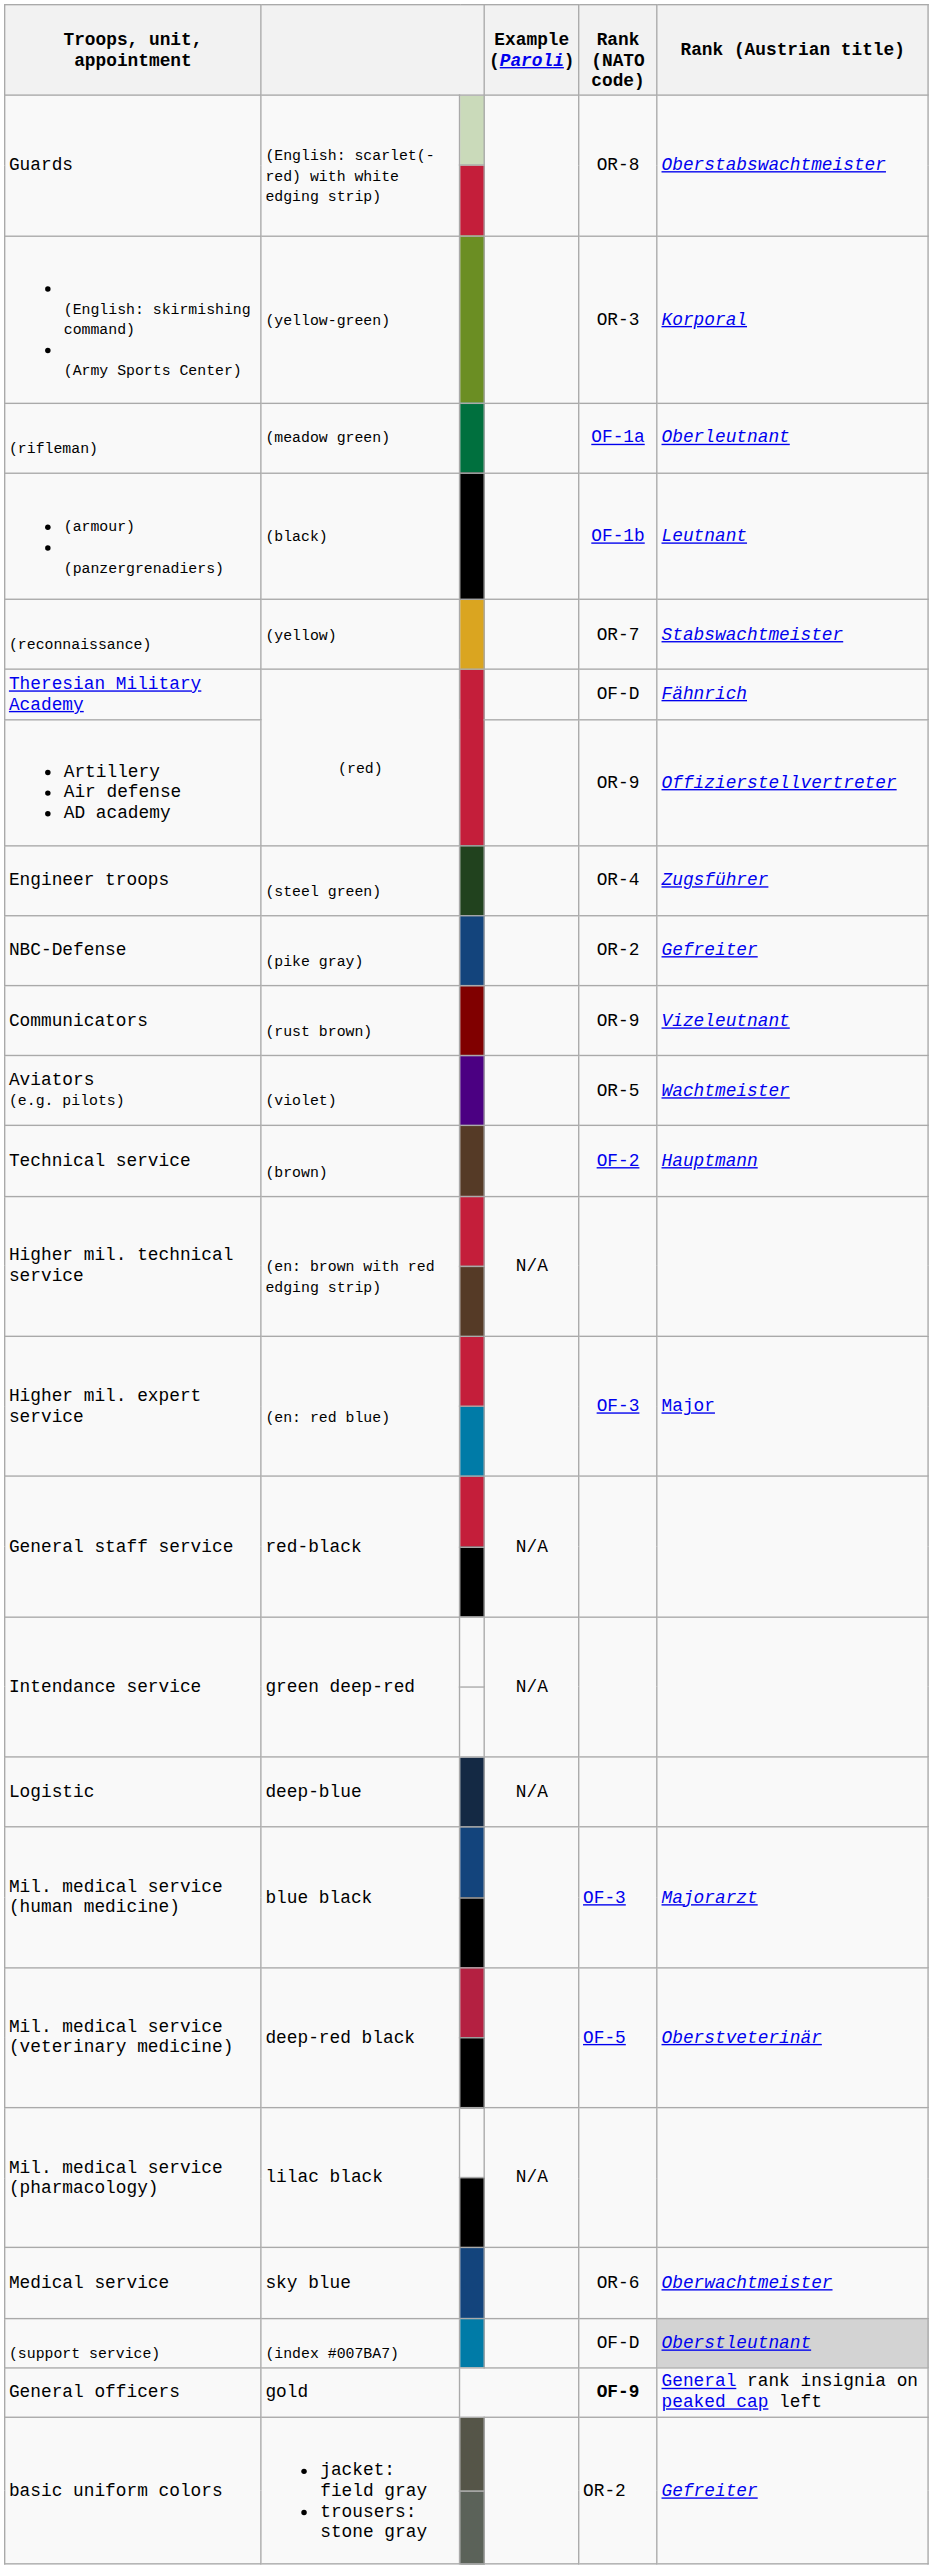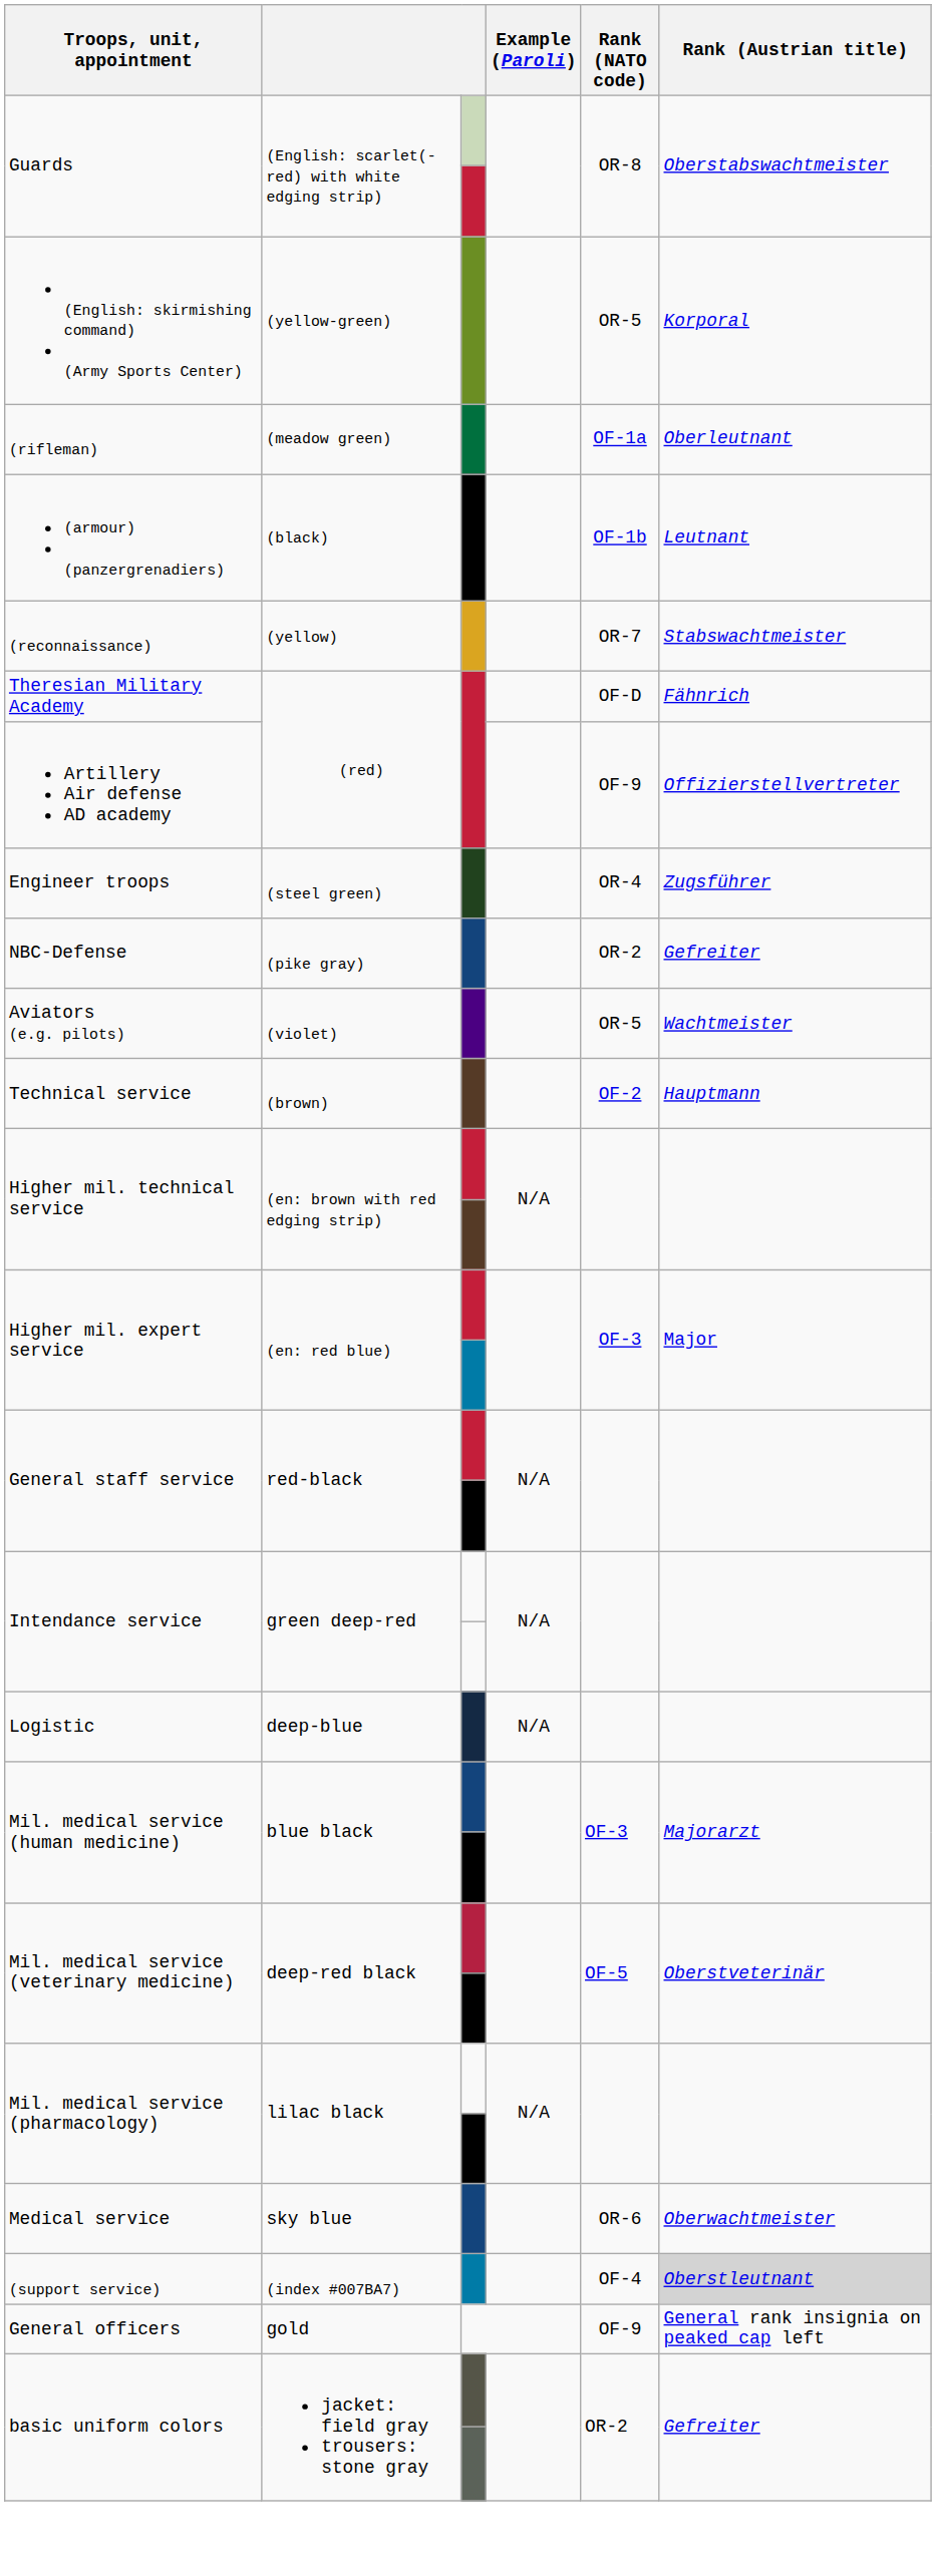 <table class="wikitable" style = "width:675px;">
 <tr>
 <th>Troops, unit, appointment</th>
 <th colspan="2"></th>
 <th>Example<br>(<a href='#'><em>Paroli</em></a>)</th>
 <th><br>Rank (NATO code)</th>
 <th>Rank (Austrian title)</th>
 </tr>
 <tr 1 Garde: scharlachrot mit weißem Vorstoß>
 <td rowspan="2">Guards</td>
 <td rowspan="2"><br><small>(English: scarlet(-red) with white edging strip)</small></td>
 <td style="background:#CADABA">     </td>
 <td align="center" rowspan="2"></td>
 <td align="center" rowspan="2">OR-8</td>
 <td rowspan="2"><em><a href='#'>Oberstabswachtmeister</a></em></td>
 </tr>
 <tr 2>
 <td align="center" style="background:#C41E3A">     </td>
 </tr>
 <tr 2 Heeressportzentrum: gelbgrün, lichtgrün oder schlammgrün>
 <td rowspan="1"><br><ul><li><br><small>(English: skirmishing command)</small></li><li><br><small>(Army Sports Center)</small></li></ul></td>
 <td> <small>(yellow-green)</small></td>
 <td style="background:#6B8E23">     </td>
 <td align="center"></td>
-<td align="center">OR-3</td>
+<td align="center">OR-5</td>
 <td><em><a href='#'>Korporal</a></em></td>
 </tr>
 <tr 3 Jäger: grasgrün>
 <td><br><small>(rifleman)</small></td>
 <td> <small>(meadow green)</small></td>
 <td style="background:#00703E">     </td>
 <td align="center"></td>
 <td align="center"><a href='#'>OF-1a</a></td>
 <td><em><a href='#'>Oberleutnant</a></em></td>
 </tr>
 <tr 4 Panzer/-grenadier: schwarz>
 <td><br><ul><li> <small>(armour)</small></li><li><br><small>(panzergrenadiers)</small></li></ul></td>
 <td> <small>(black)</small></td>
 <td style="background:black">     </td>
 <td align="center"></td>
 <td align="center"><a href='#'>OF-1b</a></td>
 <td><em><a href='#'>Leutnant</a></em></td>
 </tr>
 <tr 5 Aufklärer: gelb>
 <td><br><small>(reconnaissance)</small></td>
 <td> <small>(yellow)</small></td>
 <td style="background:#DAA520">     </td>
 <td align="center"></td>
 <td align="center">OR-7</td>
 <td><em><a href='#'>Stabswachtmeister</a></em></td>
 </tr>
 <tr 6 Theresianische Militärakademie>
 <td><a href='#'>Theresian Military Academy</a></td>
 <td rowspan="2" align="center"><br><small>(red)</small></td>
 <td rowspan="2" align="center" style="background:#C41E3A">     </td>
 <td align="center"></td>
 <td align="center">OF-D</td>
 <td><em><a href='#'>Fähnrich</a></em></td>
 </tr>
 <tr 6 Artillerie, Fliegerabwehr, LVAk: rot>
 <td><br><ul><li>Artillery</li><li>Air defense</li><li>AD academy</li></ul></td>
 <td align="center"></td>
-<td align="center">OR-9</td>
+<td align="center">OF-9</td>
 <td><em><a href='#'>Offizierstellvertreter</a></em></td>
 </tr>
 <tr 7 Pioniere: stahlgrün>
 <td>Engineer troops</td>
 <td><br><small>(steel green)</small></td>
 <td style="background:#21421E">     </td>
 <td align="center"></td>
 <td align="center">OR-4</td>
 <td><em><a href='#'>Zugsführer</a></em></td>
 </tr>
 <tr 8 ABC-Abwehrtruppe: hechtgrau>
 <td>NBC-Defense</td>
 <td><br><small>(pike gray)</small></td>
 <td style="background:#13447C">     </td>
 <td align="center"></td>
 <td align="center">OR-2</td>
 <td><em><a href='#'>Gefreiter</a></em></td>
-</tr>
-<tr 9 Fernmelder: rostbraun>
-<td>Communicators</td>
-<td><br><small>(rust brown)</small></td>
-<td style="background:#800000">     </td>
-<td align="center"></td>
-<td align="center">OR-9</td>
-<td><em><a href='#'>Vizeleutnant</a></em></td>
 </tr>
 <tr 10 Flieger: violett>
 <td>Aviators<br><small>(e.g. pilots)</small></td>
 <td><br><small>(violet)</small></td>
 <td style="background:#4B0082">     </td>
 <td align="center"></td>
 <td align="center">OR-5</td>
 <td><em><a href='#'>Wachtmeister</a></em></td>
 </tr>
 <tr 9 Technischer Dienst: braun>
 <td>Technical service</td>
 <td><br><small>(brown)</small></td>
 <td style="background:#553A26">     </td>
 <td align="center"></td>
 <td align="center"><a href='#'>OF-2</a></td>
 <td><em><a href='#'>Hauptmann</a></em></td>
 </tr>
 <tr 11 Höherer militärischer technischer Dienst: braun-rot>
 <td rowspan="2">Higher mil. technical service</td>
 <td rowspan="2"><br><small>(en: brown with red edging strip)</small></td>
 <td style="background:#C41E3A">     </td>
 <td align="center" rowspan="2" style="vertical-align: middle">N/A</td>
 <td rowspan="2"></td>
 </tr>
 <tr 2>
 <td align="center" style="background:#553A26">     </td>
 </tr>
 <tr 12 Höherer militärischer fachlicher Dienst: rot-blau>
 <td rowspan="2">Higher mil. expert service</td>
 <td rowspan="2"><br><small>(en: red blue)</small></td>
 <td style="background:#C41E3A">     </td>
 <td align="center" rowspan="2"></td>
 <td align="center" rowspan="2"><a href='#'>OF-3</a></td>
 <td rowspan="2"><a href='#'>Major</a></td>
 </tr>
 <tr 2>
 <td align="center" style="background:#007BA7">     </td>
 </tr>
 <tr 13 Generalstabsdienst: rot-schwarz>
 <td rowspan="2">General staff service</td>
 <td rowspan="2">red-black</td>
 <td style="background:#C41E3A">     </td>
 <td align="center" rowspan="2" style="vertical-align: middle">N/A</td>
 <td rowspan="2"></td>
 <td rowspan="2"></td>
 </tr>
 <tr 2>
 <td align="center" style="background:black">     </td>
 </tr>
 <tr 14 Intendanzdienst: grün-dunkelrot>
 <td rowspan="2">Intendance service</td>
 <td rowspan="2">green deep-red</td>
 <td style="background:# ">     </td>
 <td align="center" rowspan="2" style="vertical-align: middle">N/A</td>
 <td rowspan="2"></td>
 <td rowspan="2"></td>
 </tr>
 <tr 2>
 <td align="center" style="background:# ">     </td>
 </tr>
 <tr 15 Versorgung: dunkelblau>
 <td>Logistic</td>
 <td>deep-blue</td>
 <td style="background:#142944">     </td>
 <td align="center" style="vertical-align: middle">N/A</td>
 <td></td>
 <td></td>
 </tr>
 <tr 16 Militärmedizinischer Dienst (Arzt): blau-schwarz>
 <td rowspan="2">Mil. medical service (human medicine)</td>
 <td rowspan="2">blue black</td>
 <td align="center" style="background:#13447C">     </td>
 <td align="center" rowspan="2"></td>
 <td rowspan="2"><a href='#'>OF-3</a></td>
 <td rowspan="2"><em><a href='#'>Majorarzt</a></em></td>
 </tr>
 <tr 2>
 <td align="center" style="background:black">     </td>
 </tr>
 <tr 17 Militärmedizinischer Dienst (Tierarzt): dunkelrot-schwarz>
 <td rowspan="2">Mil. medical service (veterinary medicine)</td>
 <td rowspan="2">deep-red black</td>
 <td style="background:#B42041">     </td>
 <td align="center" rowspan="2"></td>
 <td rowspan="2"><a href='#'>OF-5</a></td>
 <td rowspan="2"><em><a href='#'>Oberstveterinär</a></em></td>
 </tr>
 <tr 2>
 <td align="center" style="background:black">     </td>
 </tr>
 <tr 18 Militärmedizinischer Dienst (Apotheker): lila-schwarz>
 <td rowspan="2">Mil. medical service (pharmacology)</td>
 <td rowspan="2">lilac black</td>
 <td style="background:# ">     </td>
 <td align="center" rowspan="2" style="vertical-align: middle">N/A</td>
 <td rowspan="2"></td>
 <td rowspan="2"></td>
 </tr>
 <tr 2>
 <td align="center" style="background:black">     </td>
 </tr>
 <tr 19 Sanität: himmelblau>
 <td>Medical service</td>
 <td>sky blue</td>
 <td style="background:#13447C">     </td>
 <td align="center"></td>
 <td align="center">OR-6</td>
 <td><em><a href='#'>Oberwachtmeister</a></em></td>
 </tr>
 <tr 20 Wirtschaft: hellblau>
 <td><br><small>(support service)</small></td>
 <td><br><small>(index #007BA7)</small></td>
 <td style="background:#007BA7"> </td>
 <td align="center"></td>
-<td align="center">OF-D</td>
+<td align="center">OF-4</td>
 <td style="background: lightgrey;"><em><a href='#'>Oberstleutnant</a></em></td>
 </tr>
 <tr 21 Generäle: gold>
 <td>General officers</td>
 <td>gold</td>
 <td align="center" colspan="2"></td>
-<td align="center"><strong>OF-9</strong></td>
+<td align="center">OF-9</td>
 <td><a href='#'>General</a> rank insignia on <a href='#'>peaked cap</a> left</td>
 </tr>
 <tr 22 Grundfarben Uniform: Feldgrau Uniformrock, Steingrau Uniformhose>
 <td rowspan="2">basic uniform colors</td>
 <td rowspan="2"><br><ul><li>jacket: field gray</li><li>trousers: stone gray</li></ul></td>
 <td style="background:#555548">     </td>
 <td align="center" rowspan="2"></td>
 <td rowspan="2">OR-2</td>
 <td rowspan="2"><em><a href='#'>Gefreiter</a></em></td>
 </tr>
 <tr 2>
 <td style="background:#5B6259">     </td>
 </tr>
 </table>
